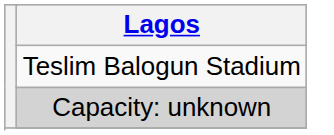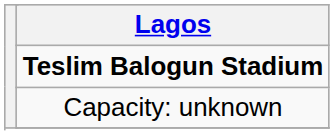 <table class="wikitable" style="text-align:center">
 <tr>
 <th rowspan="8" colspan="2"></th>
 <th><a href='#'>Lagos</a></th>
 </tr>
 <tr>
-<td>Teslim Balogun Stadium</td>
+<td><strong>Teslim Balogun Stadium</strong></td>
 </tr>
 <tr>
-<td style="background: lightgrey;">Capacity: unknown</td>
+<td>Capacity: unknown</td>
 </tr>
 <tr>
 </tr>
 </table>
